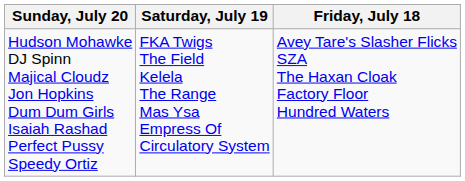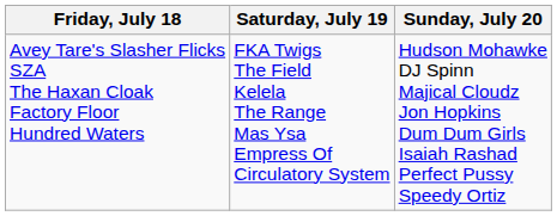 <table class="wikitable">
 <tr>
+<th>Friday, July 18</th>
+<th>Saturday, July 19</th>
 <th>Sunday, July 20</th>
-<th>Saturday, July 19</th>
-<th>Friday, July 18</th>
 </tr>
 <tr valign="top">
+<td><a href='#'>Avey Tare's Slasher Flicks</a><br><a href='#'>SZA</a><br><a href='#'>The Haxan Cloak</a><br><a href='#'>Factory Floor</a><br><a href='#'>Hundred Waters</a></td>
+<td><a href='#'>FKA Twigs</a><br><a href='#'>The Field</a><br><a href='#'>Kelela</a><br><a href='#'>The Range</a><br><a href='#'>Mas Ysa</a><br><a href='#'>Empress Of</a><br><a href='#'>Circulatory System</a></td>
 <td><a href='#'>Hudson Mohawke</a><br>DJ Spinn <br><a href='#'>Majical Cloudz</a><br><a href='#'>Jon Hopkins</a><br><a href='#'>Dum Dum Girls</a><br><a href='#'>Isaiah Rashad</a><br><a href='#'>Perfect Pussy</a><br><a href='#'>Speedy Ortiz</a></td>
-<td><a href='#'>FKA Twigs</a><br><a href='#'>The Field</a><br><a href='#'>Kelela</a><br><a href='#'>The Range</a><br><a href='#'>Mas Ysa</a><br><a href='#'>Empress Of</a><br><a href='#'>Circulatory System</a></td>
-<td><a href='#'>Avey Tare's Slasher Flicks</a><br><a href='#'>SZA</a><br><a href='#'>The Haxan Cloak</a><br><a href='#'>Factory Floor</a><br><a href='#'>Hundred Waters</a></td>
 </tr>
 </table>
